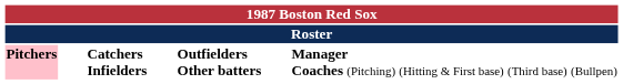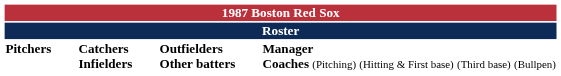 <table class="toccolours" style="text-align: left;">
 <tr>
 <th colspan="10" style="background:#ba313c; color:#fff; text-align:center;">1987 Boston Red Sox</th>
 </tr>
 <tr>
 <td colspan="10" style="background:#0d2b56; color:white; text-align:center;"><strong>Roster</strong></td>
 </tr>
 <tr>
-<td valign="top" style="background: pink;"><strong>Pitchers</strong><br>            </td>
+<td valign="top"><strong>Pitchers</strong><br>            </td>
 <td style="width:25px;"></td>
 <td valign="top"><strong>Catchers</strong><br>     <strong>Infielders</strong>         </td>
 <td style="width:25px;"></td>
 <td valign="top"><strong>Outfielders</strong><br>      <strong>Other batters</strong>  </td>
 <td style="width:25px;"></td>
 <td valign="top"><strong>Manager</strong><br> <strong>Coaches</strong>  <small>(Pitching)</small>  <small>(Hitting & First base)</small>  <small>(Third base)</small>  <small>(Bullpen)</small></td>
 </tr>
 </table>
